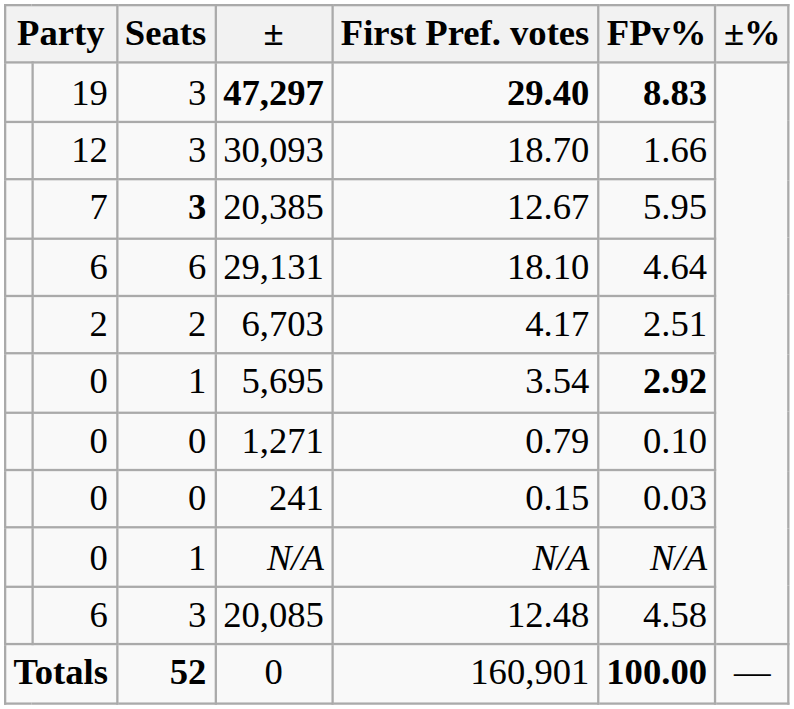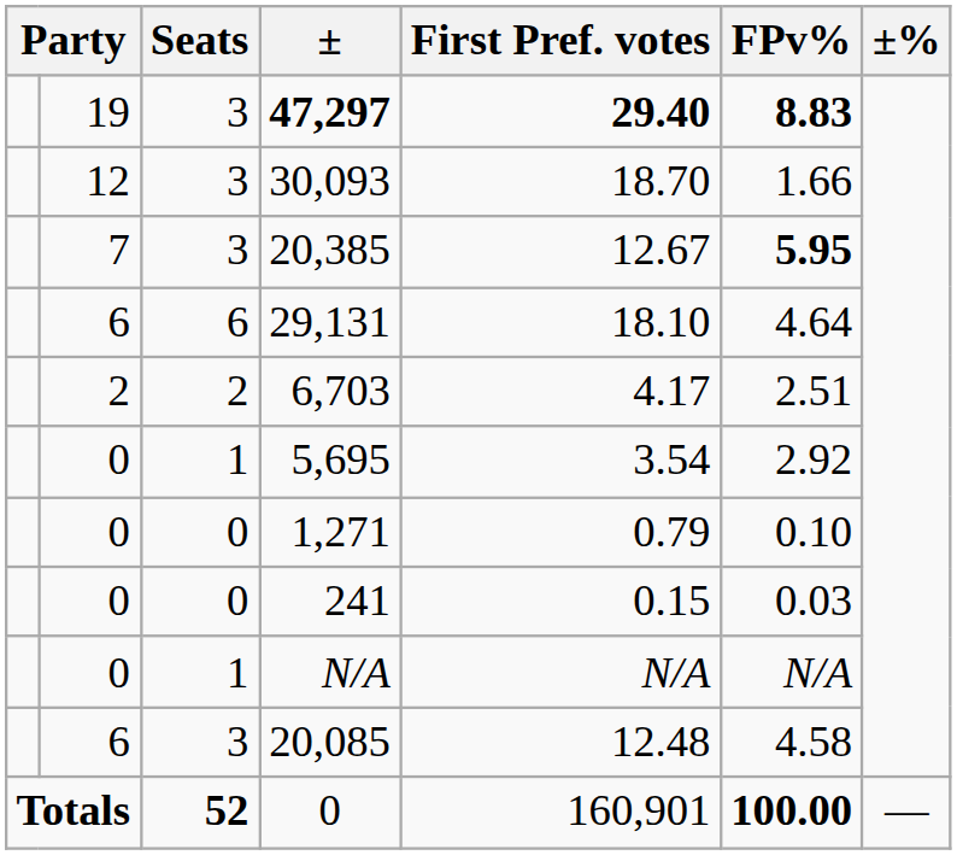 <table class=wikitable>
 <tr>
 <th colspan=2 align=center>Party</th>
 <th valign=top>Seats</th>
 <th valign=top>±</th>
 <th valign=top>First Pref. votes</th>
 <th valign=top>FPv%</th>
 <th valign=top>±%</th>
 </tr>
 <tr>
 <td></td>
 <td align=right>19 </td>
 <td align=right> 3</td>
 <td align=right><strong>47,297</strong></td>
 <td align=right><strong>29.40</strong></td>
 <td align=right> <strong>8.83</strong></td>
 </tr>
 <tr>
 <td></td>
 <td align=right>12 </td>
 <td align=right> 3</td>
 <td align=right>30,093</td>
 <td align=right>18.70</td>
 <td align=right> 1.66</td>
 </tr>
 <tr>
 <td></td>
 <td align=right>7 </td>
-<td align=right><strong> 3</strong></td>
+<td align=right> 3</td>
 <td align=right>20,385</td>
 <td align=right>12.67</td>
-<td align=right> 5.95</td>
+<td align=right><strong> 5.95</strong></td>
 </tr>
 <tr>
 <td></td>
 <td align=right>6 </td>
 <td align=right> 6</td>
 <td align=right>29,131</td>
 <td align=right>18.10</td>
 <td align=right> 4.64</td>
 </tr>
 <tr>
 <td></td>
 <td align=right>2 </td>
 <td align=right> 2</td>
 <td align=right>6,703</td>
 <td align=right>4.17</td>
 <td align=right> 2.51</td>
 </tr>
 <tr>
 <td></td>
 <td align=right>0 </td>
 <td align=right> 1</td>
 <td align=right>5,695</td>
 <td align=right>3.54</td>
-<td align=right><strong> 2.92</strong></td>
+<td align=right> 2.92</td>
 </tr>
 <tr>
 <td></td>
 <td align=right>0</td>
 <td align=right> 0</td>
 <td align=right>1,271</td>
 <td align=right>0.79</td>
 <td align=right> 0.10</td>
 </tr>
 <tr>
 <td></td>
 <td align=right>0</td>
 <td align=right> 0</td>
 <td align=right>241</td>
 <td align=right>0.15</td>
 <td align=right> 0.03</td>
 </tr>
 <tr>
 <td></td>
 <td align=right>0 </td>
 <td align=right> 1</td>
 <td align=right><em>N/A</em></td>
 <td align=right><em>N/A</em></td>
 <td align=right><em>N/A</em></td>
 </tr>
 <tr>
 <td></td>
 <td align=right>6 </td>
 <td align=right> 3</td>
 <td align=right>20,085</td>
 <td align=right>12.48</td>
 <td align=right> 4.58</td>
 </tr>
 <tr>
 <td colspan=2 align=center><strong>Totals</strong></td>
 <td align=right><strong>52</strong></td>
 <td align=center> 0</td>
 <td align=right>160,901</td>
 <td align=center><strong>100.00</strong></td>
 <td align=center>—</td>
 </tr>
 </table>
